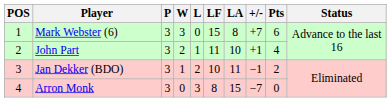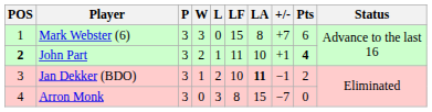 <table class="wikitable" style="text-align:center; margin: 1em auto 1em auto, align:left">
 <tr>
 <th width=20>POS</th>
 <th width=169>Player</th>
 <th width=3>P</th>
 <th width=3>W</th>
 <th width=3>L</th>
 <th width=20>LF</th>
 <th width=20>LA</th>
 <th width=20>+/-</th>
 <th width=20>Pts</th>
 <th width=129>Status</th>
 </tr>
 <tr style="background:#CCFFCC;">
 <td>1</td>
 <td style="text-align:left;"> <a href='#'>Mark Webster</a> (6)</td>
 <td>3</td>
 <td>3</td>
 <td>0</td>
 <td>15</td>
 <td>8</td>
 <td>+7</td>
 <td>6</td>
 <td rowspan=2>Advance to the last 16</td>
 </tr>
 <tr style="background:#CCFFCC;">
-<td>2</td>
+<td><strong>2</strong></td>
 <td style="text-align:left;"> <a href='#'>John Part</a></td>
 <td>3</td>
 <td>2</td>
 <td>1</td>
 <td>11</td>
 <td>10</td>
 <td>+1</td>
-<td>4</td>
+<td><strong>4</strong></td>
 </tr>
 <tr style="background:#FFCCCC;">
 <td>3</td>
 <td style="text-align:left;"> <a href='#'>Jan Dekker</a> (BDO)</td>
 <td>3</td>
 <td>1</td>
 <td>2</td>
 <td>10</td>
-<td>11</td>
+<td><strong>11</strong></td>
 <td>−1</td>
 <td>2</td>
 <td rowspan=2>Eliminated</td>
 </tr>
 <tr style="background:#FFCCCC;">
 <td>4</td>
 <td style="text-align:left;"> <a href='#'>Arron Monk</a></td>
 <td>3</td>
 <td>0</td>
 <td>3</td>
 <td>8</td>
 <td>15</td>
 <td>−7</td>
 <td>0</td>
 </tr>
 </table>
